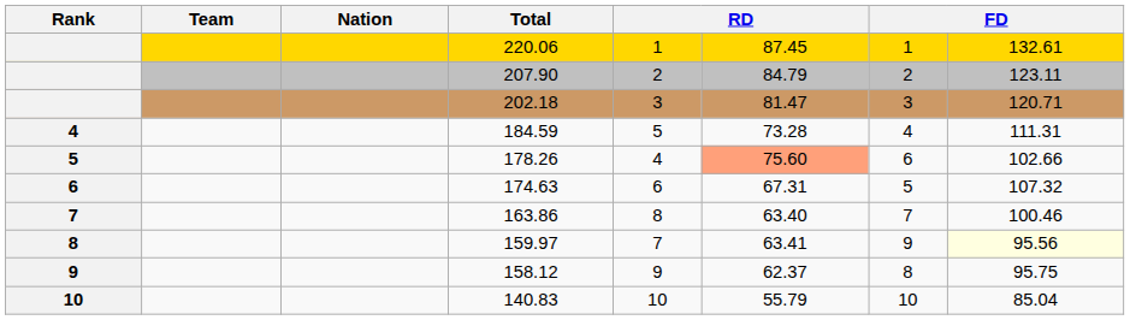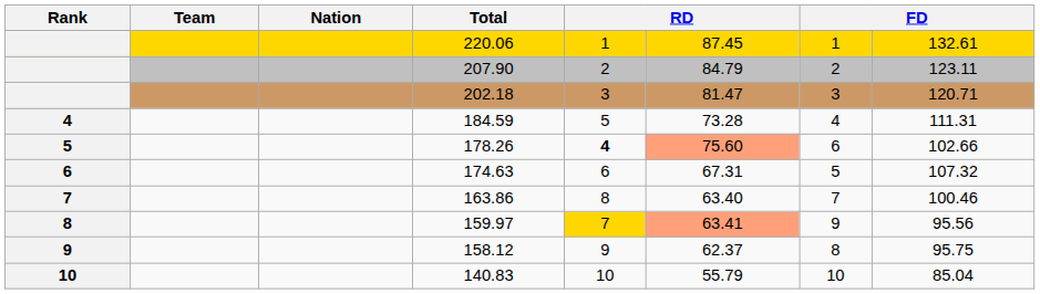 <table class="wikitable sortable" style="text-align:left; width:80%">
 <tr>
 <th scope="col">Rank</th>
 <th scope="col">Team</th>
 <th scope="col">Nation</th>
 <th scope="col">Total</th>
 <th scope="col" colspan="2" width="80px"><a href='#'>RD</a></th>
 <th scope="col" colspan="2" width="80px"><a href='#'>FD</a></th>
 </tr>
 <tr bgcolor="gold">
 <th scope="row"></th>
 <td></td>
 <td></td>
 <td align="center">220.06</td>
 <td align="center">1</td>
 <td align="center">87.45</td>
 <td align="center">1</td>
 <td align="center">132.61</td>
 </tr>
 <tr bgcolor="silver">
 <th scope="row"></th>
 <td></td>
 <td></td>
 <td align="center">207.90</td>
 <td align="center">2</td>
 <td align="center">84.79</td>
 <td align="center">2</td>
 <td align="center">123.11</td>
 </tr>
 <tr bgcolor="cc9966">
 <th scope="row"></th>
 <td></td>
 <td></td>
 <td align="center">202.18</td>
 <td align="center">3</td>
 <td align="center">81.47</td>
 <td align="center">3</td>
 <td align="center">120.71</td>
 </tr>
 <tr>
 <th scope="row">4</th>
 <td></td>
 <td></td>
 <td align="center">184.59</td>
 <td align="center">5</td>
 <td align="center">73.28</td>
 <td align="center">4</td>
 <td align="center">111.31</td>
 </tr>
 <tr>
 <th scope="row">5</th>
 <td></td>
 <td></td>
 <td align="center">178.26</td>
-<td align="center">4</td>
+<td align="center"><strong>4</strong></td>
 <td align="center" style="background: lightsalmon;">75.60</td>
 <td align="center">6</td>
 <td align="center">102.66</td>
 </tr>
 <tr>
 <th scope="row">6</th>
 <td></td>
 <td></td>
 <td align="center">174.63</td>
 <td align="center">6</td>
 <td align="center">67.31</td>
 <td align="center">5</td>
 <td align="center">107.32</td>
 </tr>
 <tr>
 <th scope="row">7</th>
 <td></td>
 <td></td>
 <td align="center">163.86</td>
 <td align="center">8</td>
 <td align="center">63.40</td>
 <td align="center">7</td>
 <td align="center">100.46</td>
 </tr>
 <tr>
 <th scope="row">8</th>
 <td></td>
 <td></td>
 <td align="center">159.97</td>
-<td align="center">7</td>
-<td align="center">63.41</td>
+<td align="center" style="background: gold;">7</td>
+<td align="center" style="background: lightsalmon;">63.41</td>
 <td align="center">9</td>
-<td align="center" style="background: lightyellow;">95.56</td>
+<td align="center">95.56</td>
 </tr>
 <tr>
 <th scope="row">9</th>
 <td></td>
 <td></td>
 <td align="center">158.12</td>
 <td align="center">9</td>
 <td align="center">62.37</td>
 <td align="center">8</td>
 <td align="center">95.75</td>
 </tr>
 <tr>
 <th scope="row">10</th>
 <td></td>
 <td></td>
 <td align="center">140.83</td>
 <td align="center">10</td>
 <td align="center">55.79</td>
 <td align="center">10</td>
 <td align="center">85.04</td>
 </tr>
 </table>
